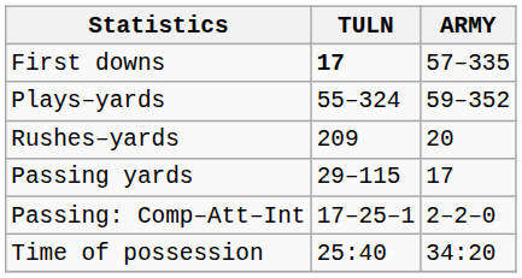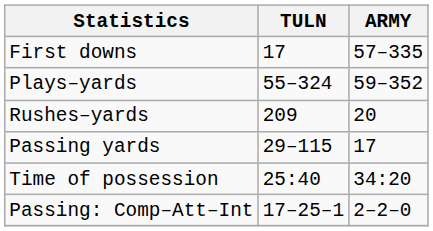 <table class="wikitable" style="float: left;">
 <tr>
 <th>Statistics</th>
 <th>TULN</th>
 <th>ARMY</th>
 </tr>
 <tr>
 <td>First downs</td>
-<td><strong>17</strong></td>
+<td>17</td>
 <td>57–335</td>
 </tr>
 <tr>
 <td>Plays–yards</td>
 <td>55–324</td>
 <td>59–352</td>
 </tr>
 <tr>
 <td>Rushes–yards</td>
 <td>209</td>
 <td>20</td>
 </tr>
 <tr>
 <td>Passing yards</td>
 <td>29–115</td>
 <td>17</td>
 </tr>
 <tr>
+<td>Time of possession</td>
+<td>25:40</td>
+<td>34:20</td>
+</tr>
+<tr>
 <td>Passing: Comp–Att–Int</td>
 <td>17–25–1</td>
 <td>2–2–0</td>
 </tr>
 <tr>
-<td>Time of possession</td>
-<td>25:40</td>
-<td>34:20</td>
-</tr>
-<tr>
 </tr>
 </table>
